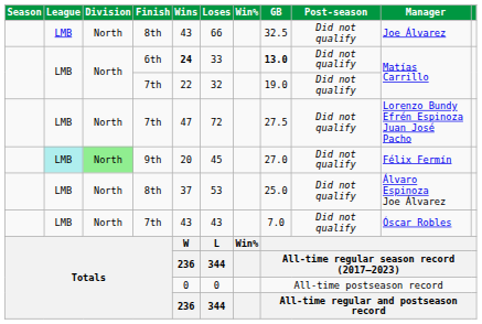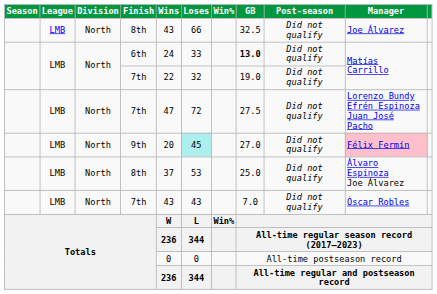 <table class="wikitable" style="text-align:center; font-size:95%">
 <tr>
 <th style="background-color: #009741; color: #FFFFFF;">Season</th>
 <th style="background-color: #009741; color: #FFFFFF;">League</th>
 <th style="background-color: #009741; color: #FFFFFF;">Division</th>
 <th style="background-color: #009741; color: #FFFFFF;">Finish</th>
 <th style="background-color: #009741; color: #FFFFFF;">Wins</th>
 <th style="background-color: #009741; color: #FFFFFF;">Loses</th>
 <th style="background-color: #009741; color: #FFFFFF;">Win%</th>
 <th style="background-color: #009741; color: #FFFFFF;">GB</th>
 <th style="background-color: #009741; color: #FFFFFF;">Post-season</th>
 <th style="background-color: #009741; color: #FFFFFF;">Manager</th>
 <th style="background-color: #009741; color: #FFFFFF;"></th>
 </tr>
 <tr>
 <td></td>
 <td><a href='#'>LMB</a></td>
 <td>North</td>
 <td>8th</td>
 <td>43</td>
 <td>66</td>
 <td></td>
 <td>32.5</td>
 <td><em>Did not qualify</em></td>
 <td align=left> <a href='#'>Joe Álvarez</a></td>
 <td></td>
 </tr>
 <tr>
 <td rowspan=2></td>
 <td rowspan=2>LMB</td>
 <td rowspan=2>North</td>
 <td>6th</td>
-<td><strong>24</strong></td>
+<td>24</td>
 <td>33</td>
 <td></td>
 <td><strong>13.0</strong></td>
 <td><em>Did not qualify</em></td>
 <td align=left rowspan=2> <a href='#'>Matías Carrillo</a></td>
 <td rowspan=2></td>
 </tr>
 <tr>
 <td>7th</td>
 <td>22</td>
 <td>32</td>
 <td></td>
 <td>19.0</td>
 <td><em>Did not qualify</em></td>
 </tr>
 <tr>
 <td></td>
 <td>LMB</td>
 <td>North</td>
 <td>7th</td>
 <td>47</td>
 <td>72</td>
 <td></td>
 <td>27.5</td>
 <td><em>Did not qualify</em></td>
 <td align=left> <a href='#'>Lorenzo Bundy</a><br> <a href='#'>Efrén Espinoza</a><br> <a href='#'>Juan José Pacho</a></td>
 <td></td>
 </tr>
 <tr>
 <td></td>
-<td style="background: paleturquoise;">LMB</td>
-<td style="background: lightgreen;">North</td>
+<td>LMB</td>
+<td>North</td>
 <td>9th</td>
 <td>20</td>
-<td>45</td>
+<td style="background: paleturquoise;">45</td>
 <td></td>
 <td>27.0</td>
 <td><em>Did not qualify</em></td>
-<td align=left> <a href='#'>Félix Fermín</a></td>
+<td align=left style="background: pink;"> <a href='#'>Félix Fermín</a></td>
 <td></td>
 </tr>
 <tr>
 <td></td>
 <td>LMB</td>
 <td>North</td>
 <td>8th</td>
 <td>37</td>
 <td>53</td>
 <td></td>
 <td>25.0</td>
 <td><em>Did not qualify</em></td>
 <td align=left> <a href='#'>Álvaro Espinoza</a><br> Joe Álvarez</td>
 <td></td>
 </tr>
 <tr>
 <td></td>
 <td>LMB</td>
 <td>North</td>
 <td>7th</td>
 <td>43</td>
 <td>43</td>
 <td></td>
 <td>7.0</td>
 <td><em>Did not qualify</em></td>
 <td align=left> <a href='#'>Óscar Robles</a></td>
 <td></td>
 </tr>
 <tr>
 <th colspan=4 rowspan=4>Totals</th>
 <th>W</th>
 <th>L</th>
 <th>Win%</th>
 <th colspan=4></th>
 </tr>
 <tr>
 <th>236</th>
 <th>344</th>
 <th></th>
 <th colspan=4>All-time regular season record (2017–2023)</th>
 </tr>
 <tr>
 <td>0</td>
 <td>0</td>
 <td></td>
 <td colspan=4>All-time postseason record</td>
 </tr>
 <tr>
 <th>236</th>
 <th>344</th>
 <th></th>
 <th colspan=4>All-time regular and postseason record</th>
 </tr>
 </table>
